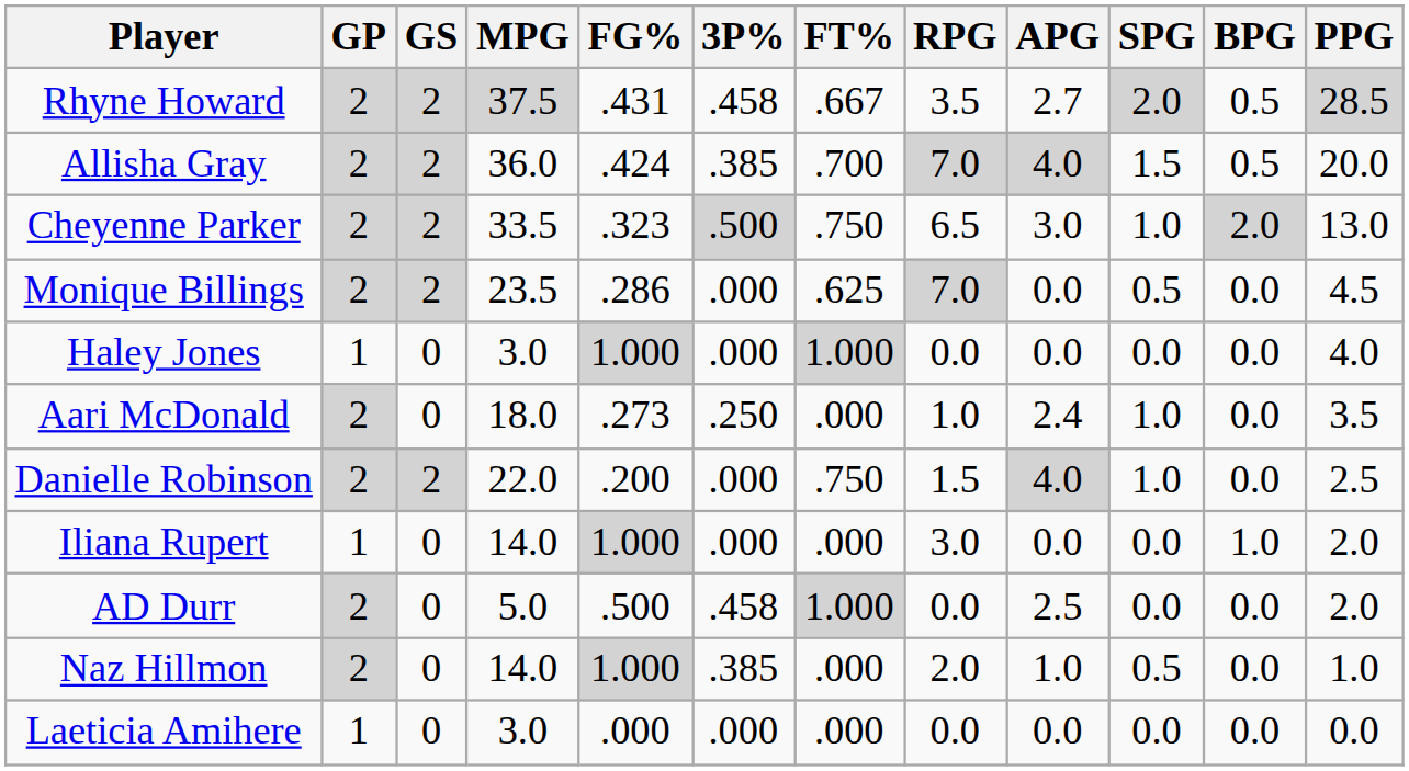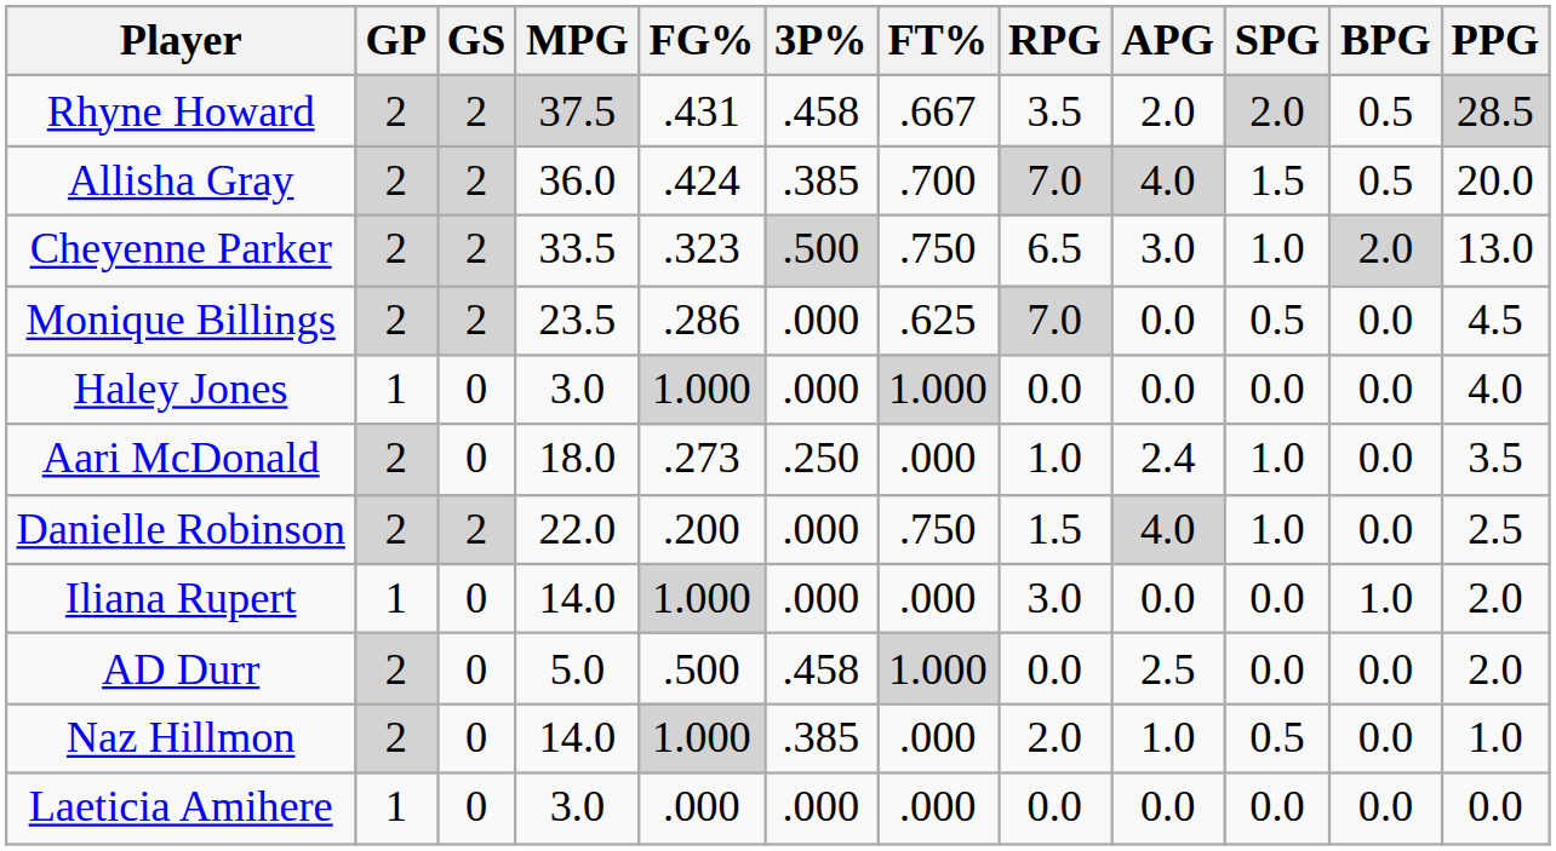 <table class="wikitable sortable" style="text-align:center;">
 <tr>
 <th>Player</th>
 <th>GP</th>
 <th>GS</th>
 <th>MPG</th>
 <th>FG%</th>
 <th>3P%</th>
 <th>FT%</th>
 <th>RPG</th>
 <th>APG</th>
 <th>SPG</th>
 <th>BPG</th>
 <th>PPG</th>
 </tr>
 <tr>
 <td><a href='#'>Rhyne Howard</a></td>
 <td style="background:#D3D3D3;">2</td>
 <td style="background:#D3D3D3;">2</td>
 <td style="background:#D3D3D3;">37.5</td>
 <td>.431</td>
 <td>.458</td>
 <td>.667</td>
 <td>3.5</td>
-<td>2.7</td>
+<td>2.0</td>
 <td style="background:#D3D3D3;">2.0</td>
 <td>0.5</td>
 <td style="background:#D3D3D3;">28.5</td>
 </tr>
 <tr>
 <td><a href='#'>Allisha Gray</a></td>
 <td style="background:#D3D3D3;">2</td>
 <td style="background:#D3D3D3;">2</td>
 <td>36.0</td>
 <td>.424</td>
 <td>.385</td>
 <td>.700</td>
 <td style="background:#D3D3D3;">7.0</td>
 <td style="background:#D3D3D3;">4.0</td>
 <td>1.5</td>
 <td>0.5</td>
 <td>20.0</td>
 </tr>
 <tr>
 <td><a href='#'>Cheyenne Parker</a></td>
 <td style="background:#D3D3D3;">2</td>
 <td style="background:#D3D3D3;">2</td>
 <td>33.5</td>
 <td>.323</td>
 <td style="background:#D3D3D3;">.500</td>
 <td>.750</td>
 <td>6.5</td>
 <td>3.0</td>
 <td>1.0</td>
 <td style="background:#D3D3D3;">2.0</td>
 <td>13.0</td>
 </tr>
 <tr>
 <td><a href='#'>Monique Billings</a></td>
 <td style="background:#D3D3D3;">2</td>
 <td style="background:#D3D3D3;">2</td>
 <td>23.5</td>
 <td>.286</td>
 <td>.000</td>
 <td>.625</td>
 <td style="background:#D3D3D3;">7.0</td>
 <td>0.0</td>
 <td>0.5</td>
 <td>0.0</td>
 <td>4.5</td>
 </tr>
 <tr>
 <td><a href='#'>Haley Jones</a></td>
 <td>1</td>
 <td>0</td>
 <td>3.0</td>
 <td style="background:#D3D3D3;">1.000</td>
 <td>.000</td>
 <td style="background:#D3D3D3;">1.000</td>
 <td>0.0</td>
 <td>0.0</td>
 <td>0.0</td>
 <td>0.0</td>
 <td>4.0</td>
 </tr>
 <tr>
 <td><a href='#'>Aari McDonald</a></td>
 <td style="background:#D3D3D3;">2</td>
 <td>0</td>
 <td>18.0</td>
 <td>.273</td>
 <td>.250</td>
 <td>.000</td>
 <td>1.0</td>
 <td>2.4</td>
 <td>1.0</td>
 <td>0.0</td>
 <td>3.5</td>
 </tr>
 <tr>
 <td><a href='#'>Danielle Robinson</a></td>
 <td style="background:#D3D3D3;">2</td>
 <td style="background:#D3D3D3;">2</td>
 <td>22.0</td>
 <td>.200</td>
 <td>.000</td>
 <td>.750</td>
 <td>1.5</td>
 <td style="background:#D3D3D3;">4.0</td>
 <td>1.0</td>
 <td>0.0</td>
 <td>2.5</td>
 </tr>
 <tr>
 <td><a href='#'>Iliana Rupert</a></td>
 <td>1</td>
 <td>0</td>
 <td>14.0</td>
 <td style="background:#D3D3D3;">1.000</td>
 <td>.000</td>
 <td>.000</td>
 <td>3.0</td>
 <td>0.0</td>
 <td>0.0</td>
 <td>1.0</td>
 <td>2.0</td>
 </tr>
 <tr>
 <td><a href='#'>AD Durr</a></td>
 <td style="background:#D3D3D3;">2</td>
 <td>0</td>
 <td>5.0</td>
 <td>.500</td>
 <td>.458</td>
 <td style="background:#D3D3D3;">1.000</td>
 <td>0.0</td>
 <td>2.5</td>
 <td>0.0</td>
 <td>0.0</td>
 <td>2.0</td>
 </tr>
 <tr>
 <td><a href='#'>Naz Hillmon</a></td>
 <td style="background:#D3D3D3;">2</td>
 <td>0</td>
 <td>14.0</td>
 <td style="background:#D3D3D3;">1.000</td>
 <td>.385</td>
 <td>.000</td>
 <td>2.0</td>
 <td>1.0</td>
 <td>0.5</td>
 <td>0.0</td>
 <td>1.0</td>
 </tr>
 <tr>
 <td><a href='#'>Laeticia Amihere</a></td>
 <td>1</td>
 <td>0</td>
 <td>3.0</td>
 <td>.000</td>
 <td>.000</td>
 <td>.000</td>
 <td>0.0</td>
 <td>0.0</td>
 <td>0.0</td>
 <td>0.0</td>
 <td>0.0</td>
 </tr>
 </table>
